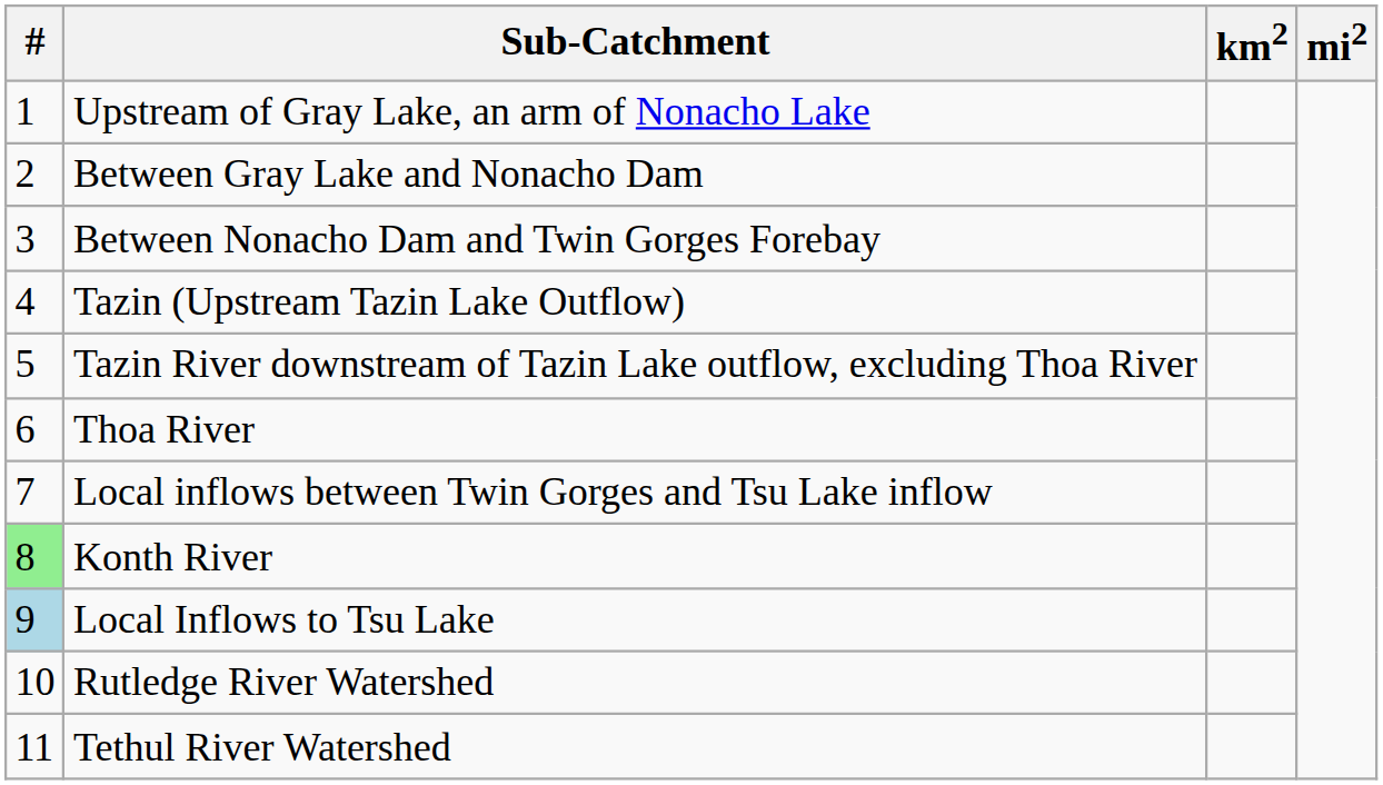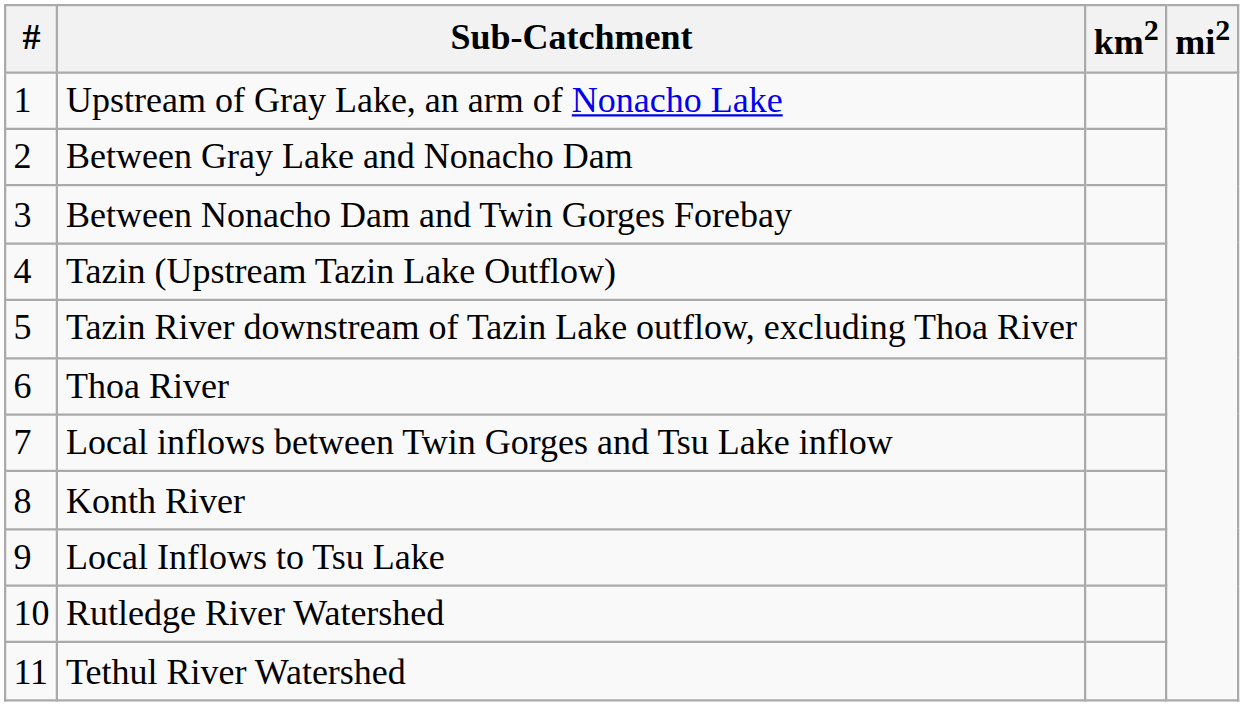 <table class="wikitable sortable">
 <tr>
 <th>#</th>
 <th>Sub-Catchment</th>
 <th>km<sup>2</sup></th>
 <th>mi<sup>2</sup></th>
 </tr>
 <tr>
 <td>1</td>
 <td>Upstream of Gray Lake, an arm of <a href='#'>Nonacho Lake</a></td>
 <td></td>
 </tr>
 <tr>
 <td>2</td>
 <td>Between Gray Lake and Nonacho Dam</td>
 <td></td>
 </tr>
 <tr>
 <td>3</td>
 <td>Between Nonacho Dam and Twin Gorges Forebay</td>
 <td></td>
 </tr>
 <tr>
 <td>4</td>
 <td>Tazin (Upstream Tazin Lake Outflow)</td>
 <td></td>
 </tr>
 <tr>
 <td>5</td>
 <td>Tazin River downstream of Tazin Lake outflow, excluding Thoa River</td>
 <td></td>
 </tr>
 <tr>
 <td>6</td>
 <td>Thoa River</td>
 <td></td>
 </tr>
 <tr>
 <td>7</td>
 <td>Local inflows between Twin Gorges and Tsu Lake inflow</td>
 <td></td>
 </tr>
 <tr>
-<td style="background: lightgreen;">8</td>
+<td>8</td>
 <td>Konth River</td>
 <td></td>
 </tr>
 <tr>
-<td style="background: lightblue;">9</td>
+<td>9</td>
 <td>Local Inflows to Tsu Lake</td>
 <td></td>
 </tr>
 <tr>
 <td>10</td>
 <td>Rutledge River Watershed</td>
 <td></td>
 </tr>
 <tr>
 <td>11</td>
 <td>Tethul River Watershed</td>
 <td></td>
 </tr>
 </table>
